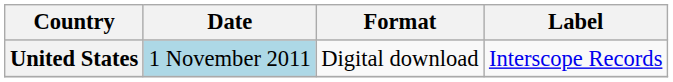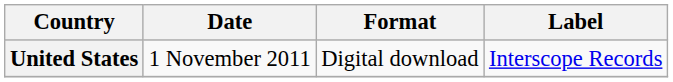 <table class="wikitable plainrowheaders">
 <tr>
 <th scope="col">Country</th>
 <th scope="col">Date</th>
 <th scope="col">Format</th>
 <th scope="col">Label</th>
 </tr>
 <tr>
 <th scope="row">United States</th>
-<td style="background: lightblue;">1 November 2011</td>
+<td>1 November 2011</td>
 <td>Digital download</td>
 <td><a href='#'>Interscope Records</a></td>
 </tr>
 <tr>
 </tr>
 </table>
